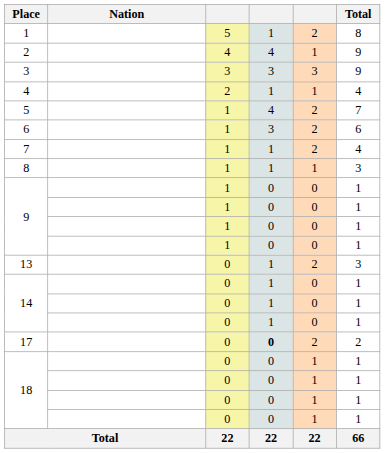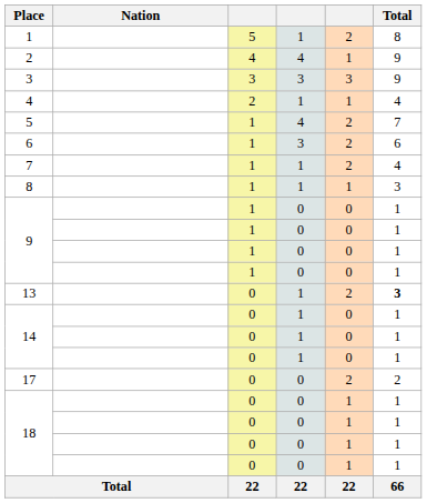 <table class="wikitable" style="border:1px solid #AAAAAA">
 <tr bgcolor="#EFEFEF">
 <th width=50>Place</th>
 <th width=200>Nation</th>
 <th width=50></th>
 <th width=50></th>
 <th width=50></th>
 <th width=50>Total</th>
 </tr>
 <tr align="center" valign="center" bgcolor="#FFFFFF">
 <td>1</td>
 <td align="left"></td>
 <td style="background:#F7F6A8;">5</td>
 <td style="background:#DCE5E5;">1</td>
 <td style="background:#FFDAB9;">2</td>
 <td>8</td>
 </tr>
 <tr align="center" valign="center" bgcolor="#FFFFFF">
 <td>2</td>
 <td align="left"></td>
 <td style="background:#F7F6A8;">4</td>
 <td style="background:#DCE5E5;">4</td>
 <td style="background:#FFDAB9;">1</td>
 <td>9</td>
 </tr>
 <tr align="center" valign="center" bgcolor="#FFFFFF">
 <td>3</td>
 <td align="left"></td>
 <td style="background:#F7F6A8;">3</td>
 <td style="background:#DCE5E5;">3</td>
 <td style="background:#FFDAB9;">3</td>
 <td>9</td>
 </tr>
 <tr align="center" valign="center" bgcolor="#FFFFFF">
 <td>4</td>
 <td align="left"></td>
 <td style="background:#F7F6A8;">2</td>
 <td style="background:#DCE5E5;">1</td>
 <td style="background:#FFDAB9;">1</td>
 <td>4</td>
 </tr>
 <tr align="center" valign="center" bgcolor="#FFFFFF">
 <td>5</td>
 <td align="left"></td>
 <td style="background:#F7F6A8;">1</td>
 <td style="background:#DCE5E5;">4</td>
 <td style="background:#FFDAB9;">2</td>
 <td>7</td>
 </tr>
 <tr align="center" valign="center" bgcolor="#FFFFFF">
 <td>6</td>
 <td align="left"></td>
 <td style="background:#F7F6A8;">1</td>
 <td style="background:#DCE5E5;">3</td>
 <td style="background:#FFDAB9;">2</td>
 <td>6</td>
 </tr>
 <tr align="center" valign="center" bgcolor="#FFFFFF">
 <td>7</td>
 <td align="left"></td>
 <td style="background:#F7F6A8;">1</td>
 <td style="background:#DCE5E5;">1</td>
 <td style="background:#FFDAB9;">2</td>
 <td>4</td>
 </tr>
 <tr align="center" valign="center" bgcolor="#FFFFFF">
 <td>8</td>
 <td align="left"></td>
 <td style="background:#F7F6A8;">1</td>
 <td style="background:#DCE5E5;">1</td>
 <td style="background:#FFDAB9;">1</td>
 <td>3</td>
 </tr>
 <tr align="center" valign="center" bgcolor="#FFFFFF">
 <td rowspan=4>9</td>
 <td align="left"></td>
 <td style="background:#F7F6A8;">1</td>
 <td style="background:#DCE5E5;">0</td>
 <td style="background:#FFDAB9;">0</td>
 <td>1</td>
 </tr>
 <tr align="center" valign="center" bgcolor="#FFFFFF">
 <td align="left"></td>
 <td style="background:#F7F6A8;">1</td>
 <td style="background:#DCE5E5;">0</td>
 <td style="background:#FFDAB9;">0</td>
 <td>1</td>
 </tr>
 <tr align="center" valign="center" bgcolor="#FFFFFF">
 <td align="left"></td>
 <td style="background:#F7F6A8;">1</td>
 <td style="background:#DCE5E5;">0</td>
 <td style="background:#FFDAB9;">0</td>
 <td>1</td>
 </tr>
 <tr align="center" valign="center" bgcolor="#FFFFFF">
 <td align="left"></td>
 <td style="background:#F7F6A8;">1</td>
 <td style="background:#DCE5E5;">0</td>
 <td style="background:#FFDAB9;">0</td>
 <td>1</td>
 </tr>
 <tr align="center" valign="center" bgcolor="#FFFFFF">
 <td>13</td>
 <td align="left"></td>
 <td style="background:#F7F6A8;">0</td>
 <td style="background:#DCE5E5;">1</td>
 <td style="background:#FFDAB9;">2</td>
-<td>3</td>
+<td><strong>3</strong></td>
 </tr>
 <tr align="center" valign="center" bgcolor="#FFFFFF">
 <td rowspan=3>14</td>
 <td align="left"></td>
 <td style="background:#F7F6A8;">0</td>
 <td style="background:#DCE5E5;">1</td>
 <td style="background:#FFDAB9;">0</td>
 <td>1</td>
 </tr>
 <tr align="center" valign="center" bgcolor="#FFFFFF">
 <td align="left"></td>
 <td style="background:#F7F6A8;">0</td>
 <td style="background:#DCE5E5;">1</td>
 <td style="background:#FFDAB9;">0</td>
 <td>1</td>
 </tr>
 <tr align="center" valign="center" bgcolor="#FFFFFF">
 <td align="left"></td>
 <td style="background:#F7F6A8;">0</td>
 <td style="background:#DCE5E5;">1</td>
 <td style="background:#FFDAB9;">0</td>
 <td>1</td>
 </tr>
 <tr align="center" valign="center" bgcolor="#FFFFFF">
 <td>17</td>
 <td align="left"></td>
 <td style="background:#F7F6A8;">0</td>
-<td style="background:#DCE5E5;"><strong>0</strong></td>
+<td style="background:#DCE5E5;">0</td>
 <td style="background:#FFDAB9;">2</td>
 <td>2</td>
 </tr>
 <tr align="center" valign="center" bgcolor="#FFFFFF">
 <td rowspan=4>18</td>
 <td align="left"></td>
 <td style="background:#F7F6A8;">0</td>
 <td style="background:#DCE5E5;">0</td>
 <td style="background:#FFDAB9;">1</td>
 <td>1</td>
 </tr>
 <tr align="center" valign="center" bgcolor="#FFFFFF">
 <td align="left"></td>
 <td style="background:#F7F6A8;">0</td>
 <td style="background:#DCE5E5;">0</td>
 <td style="background:#FFDAB9;">1</td>
 <td>1</td>
 </tr>
 <tr align="center" valign="center" bgcolor="#FFFFFF">
 <td align="left"></td>
 <td style="background:#F7F6A8;">0</td>
 <td style="background:#DCE5E5;">0</td>
 <td style="background:#FFDAB9;">1</td>
 <td>1</td>
 </tr>
 <tr align="center" valign="center" bgcolor="#FFFFFF">
 <td align="left"></td>
 <td style="background:#F7F6A8;">0</td>
 <td style="background:#DCE5E5;">0</td>
 <td style="background:#FFDAB9;">1</td>
 <td>1</td>
 </tr>
 <tr bgcolor="#EFEFEF">
 <th colspan=2>Total</th>
 <th>22</th>
 <th>22</th>
 <th>22</th>
 <th>66</th>
 </tr>
 </table>
